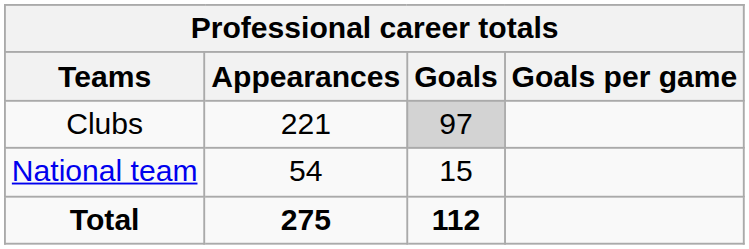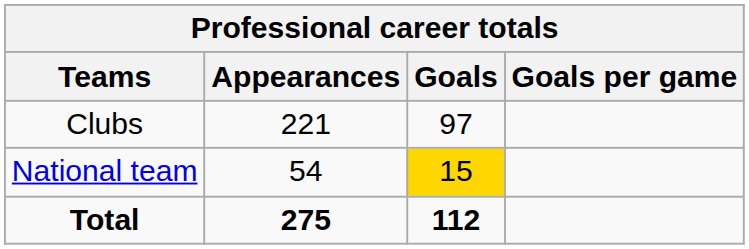 <table class="wikitable" style="text-align: center;">
 <tr>
 <th colspan="5">Professional career totals</th>
 </tr>
 <tr>
 <th>Teams</th>
 <th>Appearances</th>
 <th>Goals</th>
 <th>Goals per game</th>
 </tr>
 <tr>
 <td>Clubs</td>
 <td>221</td>
-<td style="background: lightgrey;">97</td>
+<td>97</td>
 <td></td>
 </tr>
 <tr>
 <td><a href='#'>National team</a></td>
 <td>54</td>
-<td>15</td>
+<td style="background: gold;">15</td>
 <td></td>
 </tr>
 <tr>
 <td><strong>Total</strong></td>
 <td><strong>275</strong></td>
 <td><strong>112</strong></td>
 <td><strong></td>
 </tr>
 </table>
